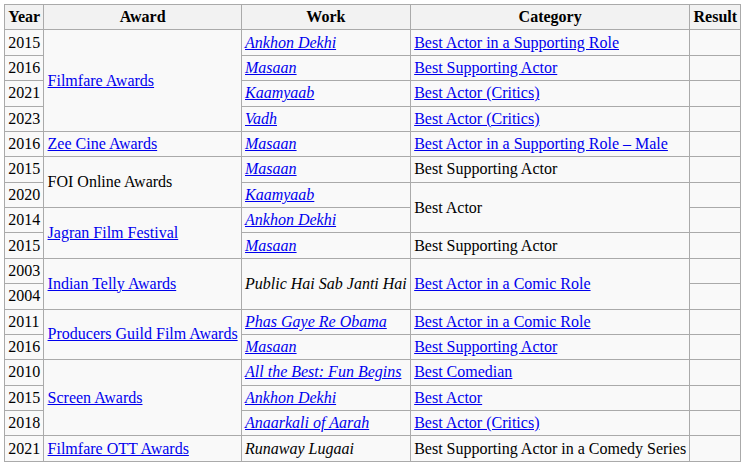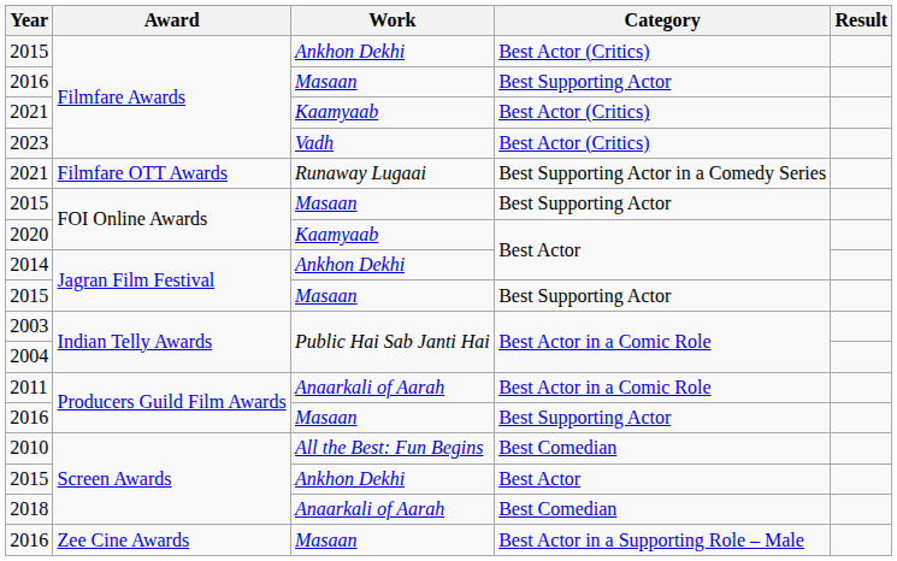 <table class="wikitable sortable"⁣>
 <tr ⁣>
 <th>Year⁣</th>
 <th>Award</th>
 <th>Work⁣</th>
 <th>Category⁣</th>
 <th>Result⁣⁣</th>
 </tr>
 <tr>
 <td>2015</td>
 <td rowspan="4"><a href='#'>Filmfare Awards</a></td>
 <td><em><a href='#'>Ankhon Dekhi</a></em></td>
-<td><a href='#'>Best Actor in a Supporting Role</a></td>
+<td><a href='#'>Best Actor (Critics)</a></td>
 <td></td>
 </tr>
 <tr>
 <td>2016</td>
 <td><em><a href='#'>Masaan</a></em></td>
 <td><a href='#'>Best Supporting Actor</a></td>
 <td></td>
 </tr>
 <tr>
 <td>2021</td>
 <td><em><a href='#'>Kaamyaab</a></em></td>
 <td><a href='#'>Best Actor (Critics)</a></td>
 <td></td>
 </tr>
 <tr>
 <td>2023</td>
 <td><em><a href='#'>Vadh</a></em></td>
 <td><a href='#'>Best Actor (Critics)</a></td>
 <td></td>
 </tr>
 <tr>
-<td>2016</td>
-<td><a href='#'>Zee Cine Awards</a></td>
-<td><em><a href='#'>Masaan</a></em></td>
-<td><a href='#'>Best Actor in a Supporting Role – Male</a></td>
+<td>2021</td>
+<td><a href='#'>Filmfare OTT Awards</a></td>
+<td><em>Runaway Lugaai</em></td>
+<td>Best Supporting Actor in a Comedy Series</td>
 <td></td>
 </tr>
 <tr>
 <td>2015</td>
 <td rowspan="2">FOI Online Awards</td>
 <td><em><a href='#'>Masaan</a></em></td>
 <td>Best Supporting Actor</td>
 <td></td>
 </tr>
 <tr>
 <td>2020</td>
 <td><em><a href='#'>Kaamyaab</a></em></td>
 <td rowspan="2">Best Actor</td>
 <td></td>
 </tr>
 <tr>
 <td>2014</td>
 <td rowspan="2"><a href='#'>Jagran Film Festival</a></td>
 <td><em><a href='#'>Ankhon Dekhi</a></em></td>
 <td></td>
 </tr>
 <tr>
 <td>2015</td>
 <td><em><a href='#'>Masaan</a></em></td>
 <td>Best Supporting Actor</td>
 <td></td>
 </tr>
 <tr>
 <td>2003</td>
 <td rowspan="2"><a href='#'>Indian Telly Awards</a></td>
 <td rowspan="2"><em>Public Hai Sab Janti Hai</em></td>
 <td rowspan="2"><a href='#'>Best Actor in a Comic Role</a></td>
 <td></td>
 </tr>
 <tr>
 <td>2004</td>
 <td></td>
 </tr>
 <tr>
 <td>2011</td>
 <td rowspan="2"><a href='#'>Producers Guild Film Awards</a></td>
-<td><em><a href='#'>Phas Gaye Re Obama</a></em></td>
+<td><em><a href='#'>Anaarkali of Aarah</a></em></td>
 <td><a href='#'>Best Actor in a Comic Role</a></td>
 <td></td>
 </tr>
 <tr>
 <td>2016</td>
 <td><em><a href='#'>Masaan</a></em></td>
 <td><a href='#'>Best Supporting Actor</a></td>
 <td></td>
 </tr>
 <tr>
 <td>2010</td>
 <td rowspan="3"><a href='#'>Screen Awards</a></td>
 <td><em><a href='#'>All the Best: Fun Begins</a></em></td>
 <td><a href='#'>Best Comedian</a></td>
 <td></td>
 </tr>
 <tr>
 <td>2015</td>
 <td><em><a href='#'>Ankhon Dekhi</a></em></td>
 <td><a href='#'>Best Actor</a></td>
 <td></td>
 </tr>
 <tr>
 <td>2018</td>
 <td><em><a href='#'>Anaarkali of Aarah</a></em></td>
-<td><a href='#'>Best Actor (Critics)</a></td>
+<td><a href='#'>Best Comedian</a></td>
 <td></td>
 </tr>
 <tr>
-<td>2021</td>
-<td><a href='#'>Filmfare OTT Awards</a></td>
-<td><em>Runaway Lugaai</em></td>
-<td>Best Supporting Actor in a Comedy Series</td>
+<td>2016</td>
+<td><a href='#'>Zee Cine Awards</a></td>
+<td><em><a href='#'>Masaan</a></em></td>
+<td><a href='#'>Best Actor in a Supporting Role – Male</a></td>
 <td></td>
 </tr>
 <tr>
 </tr>
 </table>
